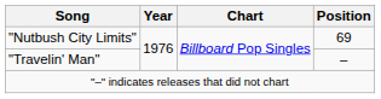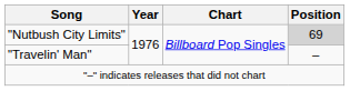 <table class="wikitable">
 <tr>
 <th>Song</th>
 <th>Year</th>
 <th>Chart</th>
 <th>Position</th>
 </tr>
 <tr>
 <td>"Nutbush City Limits"</td>
 <td rowspan="2">1976</td>
 <td rowspan="2"><a href='#'><em>Billboard</em> Pop Singles</a></td>
-<td style="text-align:center;">69</td>
+<td style="background: lightgrey; text-align:center;">69</td>
 </tr>
 <tr>
 <td>"Travelin' Man"</td>
 <td style="text-align:center;">–</td>
 </tr>
 <tr>
 <td colspan="4" style="text-align:center;"><small>"–" indicates releases that did not chart</small></td>
 </tr>
 </table>
